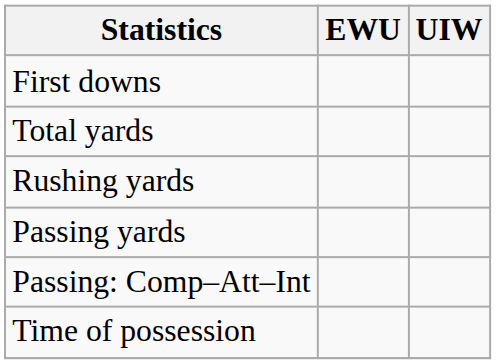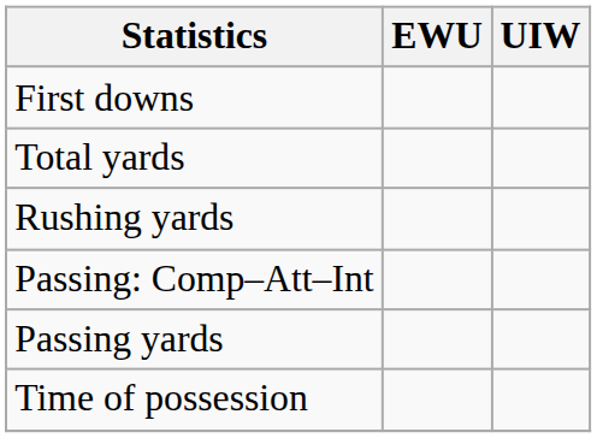 <table class="wikitable" style="float: left;">
 <tr>
 <th>Statistics</th>
 <th>EWU</th>
 <th>UIW</th>
 </tr>
 <tr>
 <td>First downs</td>
 <td></td>
 <td></td>
 </tr>
 <tr>
 <td>Total yards</td>
 <td></td>
 <td></td>
 </tr>
 <tr>
 <td>Rushing yards</td>
 <td></td>
 <td></td>
 </tr>
 <tr>
-<td>Passing yards</td>
+<td>Passing: Comp–Att–Int</td>
 <td></td>
 <td></td>
 </tr>
 <tr>
-<td>Passing: Comp–Att–Int</td>
+<td>Passing yards</td>
 <td></td>
 <td></td>
 </tr>
 <tr>
 <td>Time of possession</td>
 <td></td>
 <td></td>
 </tr>
 <tr>
 </tr>
 </table>
